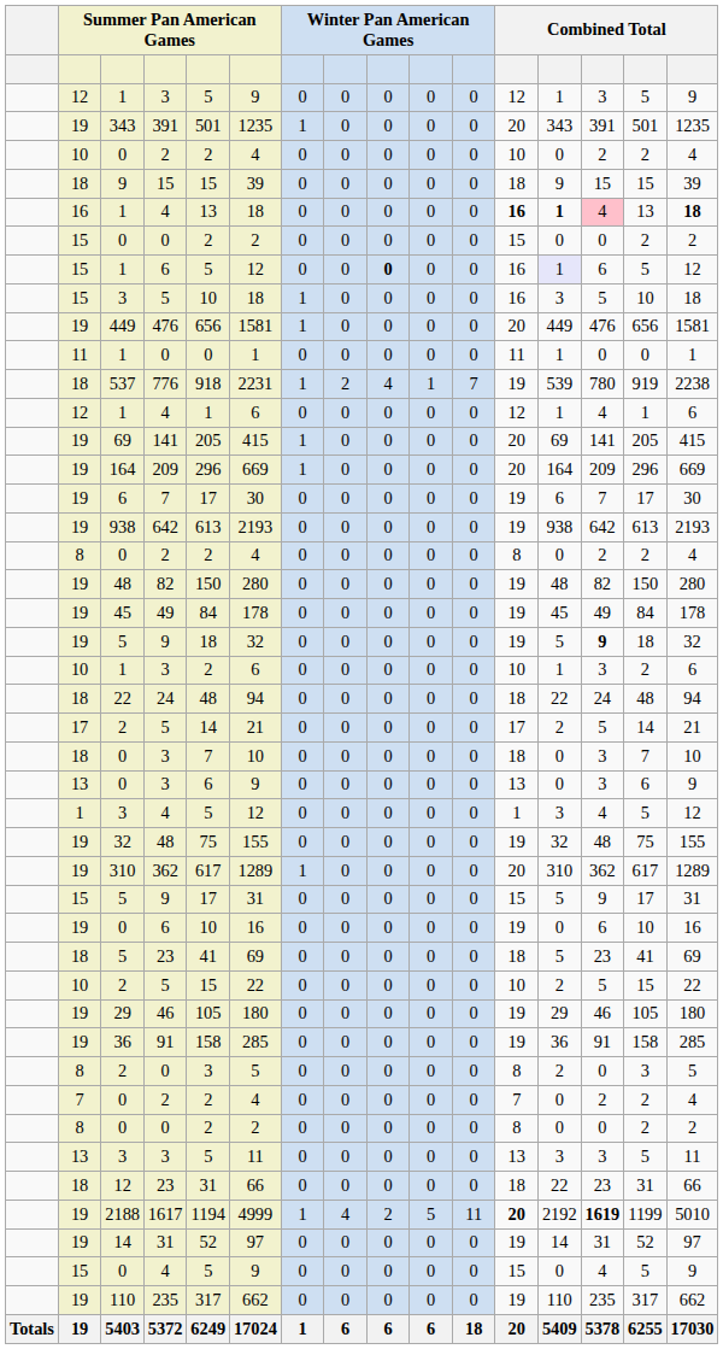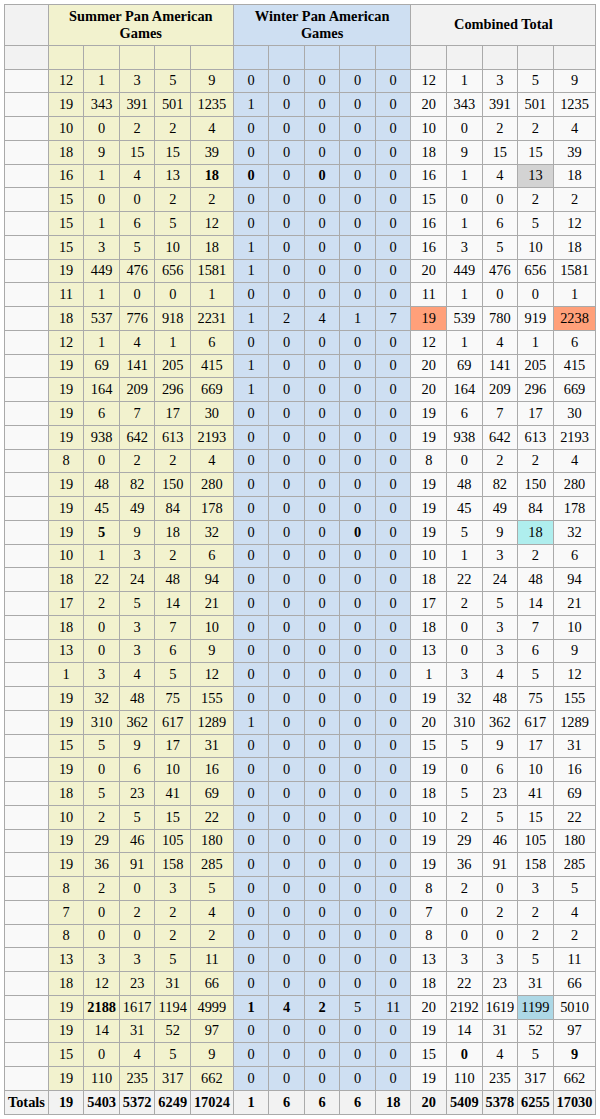 <table class="wikitable sortable" style="margin-top:0; text-align:center; font-size:90%;">
 <tr>
 <th></th>
 <th style="background-color:#f2f2ce;" colspan=5; align="center";>Summer Pan American Games</th>
 <th style="background-color:#cedff2;" colspan=5; align="center";>Winter Pan American Games</th>
 <th colspan=5; align="center";>Combined Total</th>
 </tr>
 <tr>
 <th></th>
 <th style="background-color:#f2f2ce; width:2em;"><br></th>
 <th style="background-color:#f2f2ce; width:2em;"><br></th>
 <th style="background-color:#f2f2ce; width:2em;"><br></th>
 <th style="background-color:#f2f2ce; width:2em;"><br></th>
 <th style="background-color:#f2f2ce; width:2em;"><br></th>
 <th style="background-color:#cedff2; width:2em;"><br></th>
 <th style="background-color:#cedff2; width:2em;"><br></th>
 <th style="background-color:#cedff2; width:2em;"><br></th>
 <th style="background-color:#cedff2; width:2em;"><br></th>
 <th style="background-color:#cedff2; width:2em;"><br></th>
 <th style="width:2em;"><br></th>
 <th style="width:2em;"><br></th>
 <th style="width:2em;"><br></th>
 <th style="width:2em;"><br></th>
 <th style="width:2em;"><br></th>
 </tr>
 <tr>
 <td align=left></td>
 <td bgcolor=#f2f2ce>12</td>
 <td bgcolor=#f2f2ce>1</td>
 <td bgcolor=#f2f2ce>3</td>
 <td bgcolor=#f2f2ce>5</td>
 <td bgcolor=#f2f2ce>9</td>
 <td bgcolor=#cedff2>0</td>
 <td bgcolor=#cedff2>0</td>
 <td bgcolor=#cedff2>0</td>
 <td bgcolor=#cedff2>0</td>
 <td bgcolor=#cedff2>0</td>
 <td>12</td>
 <td>1</td>
 <td>3</td>
 <td>5</td>
 <td>9</td>
 </tr>
 <tr>
 <td align=left></td>
 <td bgcolor=#f2f2ce>19</td>
 <td bgcolor=#f2f2ce>343</td>
 <td bgcolor=#f2f2ce>391</td>
 <td bgcolor=#f2f2ce>501</td>
 <td bgcolor=#f2f2ce>1235</td>
 <td bgcolor=#cedff2>1</td>
 <td bgcolor=#cedff2>0</td>
 <td bgcolor=#cedff2>0</td>
 <td bgcolor=#cedff2>0</td>
 <td bgcolor=#cedff2>0</td>
 <td>20</td>
 <td>343</td>
 <td>391</td>
 <td>501</td>
 <td>1235</td>
 </tr>
 <tr>
 <td align=left></td>
 <td bgcolor=#f2f2ce>10</td>
 <td bgcolor=#f2f2ce>0</td>
 <td bgcolor=#f2f2ce>2</td>
 <td bgcolor=#f2f2ce>2</td>
 <td bgcolor=#f2f2ce>4</td>
 <td bgcolor=#cedff2>0</td>
 <td bgcolor=#cedff2>0</td>
 <td bgcolor=#cedff2>0</td>
 <td bgcolor=#cedff2>0</td>
 <td bgcolor=#cedff2>0</td>
 <td>10</td>
 <td>0</td>
 <td>2</td>
 <td>2</td>
 <td>4</td>
 </tr>
 <tr>
 <td align=left></td>
 <td bgcolor=#f2f2ce>18</td>
 <td bgcolor=#f2f2ce>9</td>
 <td bgcolor=#f2f2ce>15</td>
 <td bgcolor=#f2f2ce>15</td>
 <td bgcolor=#f2f2ce>39</td>
 <td bgcolor=#cedff2>0</td>
 <td bgcolor=#cedff2>0</td>
 <td bgcolor=#cedff2>0</td>
 <td bgcolor=#cedff2>0</td>
 <td bgcolor=#cedff2>0</td>
 <td>18</td>
 <td>9</td>
 <td>15</td>
 <td>15</td>
 <td>39</td>
 </tr>
 <tr>
 <td align=left></td>
 <td bgcolor=#f2f2ce>16</td>
 <td bgcolor=#f2f2ce>1</td>
 <td bgcolor=#f2f2ce>4</td>
 <td bgcolor=#f2f2ce>13</td>
-<td bgcolor=#f2f2ce>18</td>
+<td bgcolor=#f2f2ce><strong>18</strong></td>
+<td bgcolor=#cedff2><strong>0</strong></td>
+<td bgcolor=#cedff2>0</td>
+<td bgcolor=#cedff2><strong>0</strong></td>
 <td bgcolor=#cedff2>0</td>
 <td bgcolor=#cedff2>0</td>
-<td bgcolor=#cedff2>0</td>
-<td bgcolor=#cedff2>0</td>
-<td bgcolor=#cedff2>0</td>
-<td><strong>16</strong></td>
-<td><strong>1</strong></td>
-<td style="background: pink;">4</td>
-<td>13</td>
-<td><strong>18</strong></td>
+<td>16</td>
+<td>1</td>
+<td>4</td>
+<td style="background: lightgrey;">13</td>
+<td>18</td>
 </tr>
 <tr>
 <td align=left></td>
 <td bgcolor=#f2f2ce>15</td>
 <td bgcolor=#f2f2ce>0</td>
 <td bgcolor=#f2f2ce>0</td>
 <td bgcolor=#f2f2ce>2</td>
 <td bgcolor=#f2f2ce>2</td>
 <td bgcolor=#cedff2>0</td>
 <td bgcolor=#cedff2>0</td>
 <td bgcolor=#cedff2>0</td>
 <td bgcolor=#cedff2>0</td>
 <td bgcolor=#cedff2>0</td>
 <td>15</td>
 <td>0</td>
 <td>0</td>
 <td>2</td>
 <td>2</td>
 </tr>
 <tr>
 <td align=left></td>
 <td bgcolor=#f2f2ce>15</td>
 <td bgcolor=#f2f2ce>1</td>
 <td bgcolor=#f2f2ce>6</td>
 <td bgcolor=#f2f2ce>5</td>
 <td bgcolor=#f2f2ce>12</td>
 <td bgcolor=#cedff2>0</td>
 <td bgcolor=#cedff2>0</td>
-<td bgcolor=#cedff2><strong>0</strong></td>
+<td bgcolor=#cedff2>0</td>
 <td bgcolor=#cedff2>0</td>
 <td bgcolor=#cedff2>0</td>
 <td>16</td>
-<td style="background: lavender;">1</td>
+<td>1</td>
 <td>6</td>
 <td>5</td>
 <td>12</td>
 </tr>
 <tr>
 <td align=left></td>
 <td bgcolor=#f2f2ce>15</td>
 <td bgcolor=#f2f2ce>3</td>
 <td bgcolor=#f2f2ce>5</td>
 <td bgcolor=#f2f2ce>10</td>
 <td bgcolor=#f2f2ce>18</td>
 <td bgcolor=#cedff2>1</td>
 <td bgcolor=#cedff2>0</td>
 <td bgcolor=#cedff2>0</td>
 <td bgcolor=#cedff2>0</td>
 <td bgcolor=#cedff2>0</td>
 <td>16</td>
 <td>3</td>
 <td>5</td>
 <td>10</td>
 <td>18</td>
 </tr>
 <tr>
 <td align=left></td>
 <td bgcolor=#f2f2ce>19</td>
 <td bgcolor=#f2f2ce>449</td>
 <td bgcolor=#f2f2ce>476</td>
 <td bgcolor=#f2f2ce>656</td>
 <td bgcolor=#f2f2ce>1581</td>
 <td bgcolor=#cedff2>1</td>
 <td bgcolor=#cedff2>0</td>
 <td bgcolor=#cedff2>0</td>
 <td bgcolor=#cedff2>0</td>
 <td bgcolor=#cedff2>0</td>
 <td>20</td>
 <td>449</td>
 <td>476</td>
 <td>656</td>
 <td>1581</td>
 </tr>
 <tr>
 <td align=left></td>
 <td bgcolor=#f2f2ce>11</td>
 <td bgcolor=#f2f2ce>1</td>
 <td bgcolor=#f2f2ce>0</td>
 <td bgcolor=#f2f2ce>0</td>
 <td bgcolor=#f2f2ce>1</td>
 <td bgcolor=#cedff2>0</td>
 <td bgcolor=#cedff2>0</td>
 <td bgcolor=#cedff2>0</td>
 <td bgcolor=#cedff2>0</td>
 <td bgcolor=#cedff2>0</td>
 <td>11</td>
 <td>1</td>
 <td>0</td>
 <td>0</td>
 <td>1</td>
 </tr>
 <tr>
 <td align=left></td>
 <td bgcolor=#f2f2ce>18</td>
 <td bgcolor=#f2f2ce>537</td>
 <td bgcolor=#f2f2ce>776</td>
 <td bgcolor=#f2f2ce>918</td>
 <td bgcolor=#f2f2ce>2231</td>
 <td bgcolor=#cedff2>1</td>
 <td bgcolor=#cedff2>2</td>
 <td bgcolor=#cedff2>4</td>
 <td bgcolor=#cedff2>1</td>
 <td bgcolor=#cedff2>7</td>
-<td>19</td>
+<td style="background: lightsalmon;">19</td>
 <td>539</td>
 <td>780</td>
 <td>919</td>
-<td>2238</td>
+<td style="background: lightsalmon;">2238</td>
 </tr>
 <tr>
 <td align=left></td>
 <td bgcolor=#f2f2ce>12</td>
 <td bgcolor=#f2f2ce>1</td>
 <td bgcolor=#f2f2ce>4</td>
 <td bgcolor=#f2f2ce>1</td>
 <td bgcolor=#f2f2ce>6</td>
 <td bgcolor=#cedff2>0</td>
 <td bgcolor=#cedff2>0</td>
 <td bgcolor=#cedff2>0</td>
 <td bgcolor=#cedff2>0</td>
 <td bgcolor=#cedff2>0</td>
 <td>12</td>
 <td>1</td>
 <td>4</td>
 <td>1</td>
 <td>6</td>
 </tr>
 <tr>
 <td align=left></td>
 <td bgcolor=#f2f2ce>19</td>
 <td bgcolor=#f2f2ce>69</td>
 <td bgcolor=#f2f2ce>141</td>
 <td bgcolor=#f2f2ce>205</td>
 <td bgcolor=#f2f2ce>415</td>
 <td bgcolor=#cedff2>1</td>
 <td bgcolor=#cedff2>0</td>
 <td bgcolor=#cedff2>0</td>
 <td bgcolor=#cedff2>0</td>
 <td bgcolor=#cedff2>0</td>
 <td>20</td>
 <td>69</td>
 <td>141</td>
 <td>205</td>
 <td>415</td>
 </tr>
 <tr>
 <td align=left></td>
 <td bgcolor=#f2f2ce>19</td>
 <td bgcolor=#f2f2ce>164</td>
 <td bgcolor=#f2f2ce>209</td>
 <td bgcolor=#f2f2ce>296</td>
 <td bgcolor=#f2f2ce>669</td>
 <td bgcolor=#cedff2>1</td>
 <td bgcolor=#cedff2>0</td>
 <td bgcolor=#cedff2>0</td>
 <td bgcolor=#cedff2>0</td>
 <td bgcolor=#cedff2>0</td>
 <td>20</td>
 <td>164</td>
 <td>209</td>
 <td>296</td>
 <td>669</td>
 </tr>
 <tr>
 <td align=left></td>
 <td bgcolor=#f2f2ce>19</td>
 <td bgcolor=#f2f2ce>6</td>
 <td bgcolor=#f2f2ce>7</td>
 <td bgcolor=#f2f2ce>17</td>
 <td bgcolor=#f2f2ce>30</td>
 <td bgcolor=#cedff2>0</td>
 <td bgcolor=#cedff2>0</td>
 <td bgcolor=#cedff2>0</td>
 <td bgcolor=#cedff2>0</td>
 <td bgcolor=#cedff2>0</td>
 <td>19</td>
 <td>6</td>
 <td>7</td>
 <td>17</td>
 <td>30</td>
 </tr>
 <tr>
 <td align=left></td>
 <td bgcolor=#f2f2ce>19</td>
 <td bgcolor=#f2f2ce>938</td>
 <td bgcolor=#f2f2ce>642</td>
 <td bgcolor=#f2f2ce>613</td>
 <td bgcolor=#f2f2ce>2193</td>
 <td bgcolor=#cedff2>0</td>
 <td bgcolor=#cedff2>0</td>
 <td bgcolor=#cedff2>0</td>
 <td bgcolor=#cedff2>0</td>
 <td bgcolor=#cedff2>0</td>
 <td>19</td>
 <td>938</td>
 <td>642</td>
 <td>613</td>
 <td>2193</td>
 </tr>
 <tr>
 <td align=left></td>
 <td bgcolor=#f2f2ce>8</td>
 <td bgcolor=#f2f2ce>0</td>
 <td bgcolor=#f2f2ce>2</td>
 <td bgcolor=#f2f2ce>2</td>
 <td bgcolor=#f2f2ce>4</td>
 <td bgcolor=#cedff2>0</td>
 <td bgcolor=#cedff2>0</td>
 <td bgcolor=#cedff2>0</td>
 <td bgcolor=#cedff2>0</td>
 <td bgcolor=#cedff2>0</td>
 <td>8</td>
 <td>0</td>
 <td>2</td>
 <td>2</td>
 <td>4</td>
 </tr>
 <tr>
 <td align=left></td>
 <td bgcolor=#f2f2ce>19</td>
 <td bgcolor=#f2f2ce>48</td>
 <td bgcolor=#f2f2ce>82</td>
 <td bgcolor=#f2f2ce>150</td>
 <td bgcolor=#f2f2ce>280</td>
 <td bgcolor=#cedff2>0</td>
 <td bgcolor=#cedff2>0</td>
 <td bgcolor=#cedff2>0</td>
 <td bgcolor=#cedff2>0</td>
 <td bgcolor=#cedff2>0</td>
 <td>19</td>
 <td>48</td>
 <td>82</td>
 <td>150</td>
 <td>280</td>
 </tr>
 <tr>
 <td align=left></td>
 <td bgcolor=#f2f2ce>19</td>
 <td bgcolor=#f2f2ce>45</td>
 <td bgcolor=#f2f2ce>49</td>
 <td bgcolor=#f2f2ce>84</td>
 <td bgcolor=#f2f2ce>178</td>
 <td bgcolor=#cedff2>0</td>
 <td bgcolor=#cedff2>0</td>
 <td bgcolor=#cedff2>0</td>
 <td bgcolor=#cedff2>0</td>
 <td bgcolor=#cedff2>0</td>
 <td>19</td>
 <td>45</td>
 <td>49</td>
 <td>84</td>
 <td>178</td>
 </tr>
 <tr>
 <td align=left></td>
 <td bgcolor=#f2f2ce>19</td>
-<td bgcolor=#f2f2ce>5</td>
+<td bgcolor=#f2f2ce><strong>5</strong></td>
 <td bgcolor=#f2f2ce>9</td>
 <td bgcolor=#f2f2ce>18</td>
 <td bgcolor=#f2f2ce>32</td>
 <td bgcolor=#cedff2>0</td>
 <td bgcolor=#cedff2>0</td>
 <td bgcolor=#cedff2>0</td>
-<td bgcolor=#cedff2>0</td>
+<td bgcolor=#cedff2><strong>0</strong></td>
 <td bgcolor=#cedff2>0</td>
 <td>19</td>
 <td>5</td>
-<td><strong>9</strong></td>
-<td>18</td>
+<td>9</td>
+<td style="background: paleturquoise;">18</td>
 <td>32</td>
 </tr>
 <tr>
 <td align=left></td>
 <td bgcolor=#f2f2ce>10</td>
 <td bgcolor=#f2f2ce>1</td>
 <td bgcolor=#f2f2ce>3</td>
 <td bgcolor=#f2f2ce>2</td>
 <td bgcolor=#f2f2ce>6</td>
 <td bgcolor=#cedff2>0</td>
 <td bgcolor=#cedff2>0</td>
 <td bgcolor=#cedff2>0</td>
 <td bgcolor=#cedff2>0</td>
 <td bgcolor=#cedff2>0</td>
 <td>10</td>
 <td>1</td>
 <td>3</td>
 <td>2</td>
 <td>6</td>
 </tr>
 <tr>
 <td align=left></td>
 <td bgcolor=#f2f2ce>18</td>
 <td bgcolor=#f2f2ce>22</td>
 <td bgcolor=#f2f2ce>24</td>
 <td bgcolor=#f2f2ce>48</td>
 <td bgcolor=#f2f2ce>94</td>
 <td bgcolor=#cedff2>0</td>
 <td bgcolor=#cedff2>0</td>
 <td bgcolor=#cedff2>0</td>
 <td bgcolor=#cedff2>0</td>
 <td bgcolor=#cedff2>0</td>
 <td>18</td>
 <td>22</td>
 <td>24</td>
 <td>48</td>
 <td>94</td>
 </tr>
 <tr>
 <td align=left></td>
 <td bgcolor=#f2f2ce>17</td>
 <td bgcolor=#f2f2ce>2</td>
 <td bgcolor=#f2f2ce>5</td>
 <td bgcolor=#f2f2ce>14</td>
 <td bgcolor=#f2f2ce>21</td>
 <td bgcolor=#cedff2>0</td>
 <td bgcolor=#cedff2>0</td>
 <td bgcolor=#cedff2>0</td>
 <td bgcolor=#cedff2>0</td>
 <td bgcolor=#cedff2>0</td>
 <td>17</td>
 <td>2</td>
 <td>5</td>
 <td>14</td>
 <td>21</td>
 </tr>
 <tr>
 <td align=left></td>
 <td bgcolor=#f2f2ce>18</td>
 <td bgcolor=#f2f2ce>0</td>
 <td bgcolor=#f2f2ce>3</td>
 <td bgcolor=#f2f2ce>7</td>
 <td bgcolor=#f2f2ce>10</td>
 <td bgcolor=#cedff2>0</td>
 <td bgcolor=#cedff2>0</td>
 <td bgcolor=#cedff2>0</td>
 <td bgcolor=#cedff2>0</td>
 <td bgcolor=#cedff2>0</td>
 <td>18</td>
 <td>0</td>
 <td>3</td>
 <td>7</td>
 <td>10</td>
 </tr>
 <tr>
 <td align=left></td>
 <td bgcolor=#f2f2ce>13</td>
 <td bgcolor=#f2f2ce>0</td>
 <td bgcolor=#f2f2ce>3</td>
 <td bgcolor=#f2f2ce>6</td>
 <td bgcolor=#f2f2ce>9</td>
 <td bgcolor=#cedff2>0</td>
 <td bgcolor=#cedff2>0</td>
 <td bgcolor=#cedff2>0</td>
 <td bgcolor=#cedff2>0</td>
 <td bgcolor=#cedff2>0</td>
 <td>13</td>
 <td>0</td>
 <td>3</td>
 <td>6</td>
 <td>9</td>
 </tr>
 <tr>
 <td align=left><em></em></td>
 <td bgcolor=#f2f2ce>1</td>
 <td bgcolor=#f2f2ce>3</td>
 <td bgcolor=#f2f2ce>4</td>
 <td bgcolor=#f2f2ce>5</td>
 <td bgcolor=#f2f2ce>12</td>
 <td bgcolor=#cedff2>0</td>
 <td bgcolor=#cedff2>0</td>
 <td bgcolor=#cedff2>0</td>
 <td bgcolor=#cedff2>0</td>
 <td bgcolor=#cedff2>0</td>
 <td>1</td>
 <td>3</td>
 <td>4</td>
 <td>5</td>
 <td>12</td>
 </tr>
 <tr>
 <td align=left></td>
 <td bgcolor=#f2f2ce>19</td>
 <td bgcolor=#f2f2ce>32</td>
 <td bgcolor=#f2f2ce>48</td>
 <td bgcolor=#f2f2ce>75</td>
 <td bgcolor=#f2f2ce>155</td>
 <td bgcolor=#cedff2>0</td>
 <td bgcolor=#cedff2>0</td>
 <td bgcolor=#cedff2>0</td>
 <td bgcolor=#cedff2>0</td>
 <td bgcolor=#cedff2>0</td>
 <td>19</td>
 <td>32</td>
 <td>48</td>
 <td>75</td>
 <td>155</td>
 </tr>
 <tr>
 <td align=left></td>
 <td bgcolor=#f2f2ce>19</td>
 <td bgcolor=#f2f2ce>310</td>
 <td bgcolor=#f2f2ce>362</td>
 <td bgcolor=#f2f2ce>617</td>
 <td bgcolor=#f2f2ce>1289</td>
 <td bgcolor=#cedff2>1</td>
 <td bgcolor=#cedff2>0</td>
 <td bgcolor=#cedff2>0</td>
 <td bgcolor=#cedff2>0</td>
 <td bgcolor=#cedff2>0</td>
 <td>20</td>
 <td>310</td>
 <td>362</td>
 <td>617</td>
 <td>1289</td>
 </tr>
 <tr>
 <td align=left><em></em></td>
 <td bgcolor=#f2f2ce>15</td>
 <td bgcolor=#f2f2ce>5</td>
 <td bgcolor=#f2f2ce>9</td>
 <td bgcolor=#f2f2ce>17</td>
 <td bgcolor=#f2f2ce>31</td>
 <td bgcolor=#cedff2>0</td>
 <td bgcolor=#cedff2>0</td>
 <td bgcolor=#cedff2>0</td>
 <td bgcolor=#cedff2>0</td>
 <td bgcolor=#cedff2>0</td>
 <td>15</td>
 <td>5</td>
 <td>9</td>
 <td>17</td>
 <td>31</td>
 </tr>
 <tr>
 <td align=left></td>
 <td bgcolor=#f2f2ce>19</td>
 <td bgcolor=#f2f2ce>0</td>
 <td bgcolor=#f2f2ce>6</td>
 <td bgcolor=#f2f2ce>10</td>
 <td bgcolor=#f2f2ce>16</td>
 <td bgcolor=#cedff2>0</td>
 <td bgcolor=#cedff2>0</td>
 <td bgcolor=#cedff2>0</td>
 <td bgcolor=#cedff2>0</td>
 <td bgcolor=#cedff2>0</td>
 <td>19</td>
 <td>0</td>
 <td>6</td>
 <td>10</td>
 <td>16</td>
 </tr>
 <tr>
 <td align=left></td>
 <td bgcolor=#f2f2ce>18</td>
 <td bgcolor=#f2f2ce>5</td>
 <td bgcolor=#f2f2ce>23</td>
 <td bgcolor=#f2f2ce>41</td>
 <td bgcolor=#f2f2ce>69</td>
 <td bgcolor=#cedff2>0</td>
 <td bgcolor=#cedff2>0</td>
 <td bgcolor=#cedff2>0</td>
 <td bgcolor=#cedff2>0</td>
 <td bgcolor=#cedff2>0</td>
 <td>18</td>
 <td>5</td>
 <td>23</td>
 <td>41</td>
 <td>69</td>
 </tr>
 <tr>
 <td align=left></td>
 <td bgcolor=#f2f2ce>10</td>
 <td bgcolor=#f2f2ce>2</td>
 <td bgcolor=#f2f2ce>5</td>
 <td bgcolor=#f2f2ce>15</td>
 <td bgcolor=#f2f2ce>22</td>
 <td bgcolor=#cedff2>0</td>
 <td bgcolor=#cedff2>0</td>
 <td bgcolor=#cedff2>0</td>
 <td bgcolor=#cedff2>0</td>
 <td bgcolor=#cedff2>0</td>
 <td>10</td>
 <td>2</td>
 <td>5</td>
 <td>15</td>
 <td>22</td>
 </tr>
 <tr>
 <td align=left></td>
 <td bgcolor=#f2f2ce>19</td>
 <td bgcolor=#f2f2ce>29</td>
 <td bgcolor=#f2f2ce>46</td>
 <td bgcolor=#f2f2ce>105</td>
 <td bgcolor=#f2f2ce>180</td>
 <td bgcolor=#cedff2>0</td>
 <td bgcolor=#cedff2>0</td>
 <td bgcolor=#cedff2>0</td>
 <td bgcolor=#cedff2>0</td>
 <td bgcolor=#cedff2>0</td>
 <td>19</td>
 <td>29</td>
 <td>46</td>
 <td>105</td>
 <td>180</td>
 </tr>
 <tr>
 <td align=left></td>
 <td bgcolor=#f2f2ce>19</td>
 <td bgcolor=#f2f2ce>36</td>
 <td bgcolor=#f2f2ce>91</td>
 <td bgcolor=#f2f2ce>158</td>
 <td bgcolor=#f2f2ce>285</td>
 <td bgcolor=#cedff2>0</td>
 <td bgcolor=#cedff2>0</td>
 <td bgcolor=#cedff2>0</td>
 <td bgcolor=#cedff2>0</td>
 <td bgcolor=#cedff2>0</td>
 <td>19</td>
 <td>36</td>
 <td>91</td>
 <td>158</td>
 <td>285</td>
 </tr>
 <tr>
 <td align=left></td>
 <td bgcolor=#f2f2ce>8</td>
 <td bgcolor=#f2f2ce>2</td>
 <td bgcolor=#f2f2ce>0</td>
 <td bgcolor=#f2f2ce>3</td>
 <td bgcolor=#f2f2ce>5</td>
 <td bgcolor=#cedff2>0</td>
 <td bgcolor=#cedff2>0</td>
 <td bgcolor=#cedff2>0</td>
 <td bgcolor=#cedff2>0</td>
 <td bgcolor=#cedff2>0</td>
 <td>8</td>
 <td>2</td>
 <td>0</td>
 <td>3</td>
 <td>5</td>
 </tr>
 <tr>
 <td align=left></td>
 <td bgcolor=#f2f2ce>7</td>
 <td bgcolor=#f2f2ce>0</td>
 <td bgcolor=#f2f2ce>2</td>
 <td bgcolor=#f2f2ce>2</td>
 <td bgcolor=#f2f2ce>4</td>
 <td bgcolor=#cedff2>0</td>
 <td bgcolor=#cedff2>0</td>
 <td bgcolor=#cedff2>0</td>
 <td bgcolor=#cedff2>0</td>
 <td bgcolor=#cedff2>0</td>
 <td>7</td>
 <td>0</td>
 <td>2</td>
 <td>2</td>
 <td>4</td>
 </tr>
 <tr>
 <td align=left></td>
 <td bgcolor=#f2f2ce>8</td>
 <td bgcolor=#f2f2ce>0</td>
 <td bgcolor=#f2f2ce>0</td>
 <td bgcolor=#f2f2ce>2</td>
 <td bgcolor=#f2f2ce>2</td>
 <td bgcolor=#cedff2>0</td>
 <td bgcolor=#cedff2>0</td>
 <td bgcolor=#cedff2>0</td>
 <td bgcolor=#cedff2>0</td>
 <td bgcolor=#cedff2>0</td>
 <td>8</td>
 <td>0</td>
 <td>0</td>
 <td>2</td>
 <td>2</td>
 </tr>
 <tr>
 <td align=left></td>
 <td bgcolor=#f2f2ce>13</td>
 <td bgcolor=#f2f2ce>3</td>
 <td bgcolor=#f2f2ce>3</td>
 <td bgcolor=#f2f2ce>5</td>
 <td bgcolor=#f2f2ce>11</td>
 <td bgcolor=#cedff2>0</td>
 <td bgcolor=#cedff2>0</td>
 <td bgcolor=#cedff2>0</td>
 <td bgcolor=#cedff2>0</td>
 <td bgcolor=#cedff2>0</td>
 <td>13</td>
 <td>3</td>
 <td>3</td>
 <td>5</td>
 <td>11</td>
 </tr>
 <tr>
 <td align=left></td>
 <td bgcolor=#f2f2ce>18</td>
 <td bgcolor=#f2f2ce>12</td>
 <td bgcolor=#f2f2ce>23</td>
 <td bgcolor=#f2f2ce>31</td>
 <td bgcolor=#f2f2ce>66</td>
 <td bgcolor=#cedff2>0</td>
 <td bgcolor=#cedff2>0</td>
 <td bgcolor=#cedff2>0</td>
 <td bgcolor=#cedff2>0</td>
 <td bgcolor=#cedff2>0</td>
 <td>18</td>
 <td>22</td>
 <td>23</td>
 <td>31</td>
 <td>66</td>
 </tr>
 <tr>
 <td align=left></td>
 <td bgcolor=#f2f2ce>19</td>
-<td bgcolor=#f2f2ce>2188</td>
+<td bgcolor=#f2f2ce><strong>2188</strong></td>
 <td bgcolor=#f2f2ce>1617</td>
 <td bgcolor=#f2f2ce>1194</td>
 <td bgcolor=#f2f2ce>4999</td>
-<td bgcolor=#cedff2>1</td>
-<td bgcolor=#cedff2>4</td>
-<td bgcolor=#cedff2>2</td>
+<td bgcolor=#cedff2><strong>1</strong></td>
+<td bgcolor=#cedff2><strong>4</strong></td>
+<td bgcolor=#cedff2><strong>2</strong></td>
 <td bgcolor=#cedff2>5</td>
 <td bgcolor=#cedff2>11</td>
-<td><strong>20</strong></td>
+<td>20</td>
 <td>2192</td>
-<td><strong>1619</strong></td>
-<td>1199</td>
+<td>1619</td>
+<td style="background: lightblue;">1199</td>
 <td>5010</td>
 </tr>
 <tr>
 <td align=left></td>
 <td bgcolor=#f2f2ce>19</td>
 <td bgcolor=#f2f2ce>14</td>
 <td bgcolor=#f2f2ce>31</td>
 <td bgcolor=#f2f2ce>52</td>
 <td bgcolor=#f2f2ce>97</td>
 <td bgcolor=#cedff2>0</td>
 <td bgcolor=#cedff2>0</td>
 <td bgcolor=#cedff2>0</td>
 <td bgcolor=#cedff2>0</td>
 <td bgcolor=#cedff2>0</td>
 <td>19</td>
 <td>14</td>
 <td>31</td>
 <td>52</td>
 <td>97</td>
 </tr>
 <tr>
 <td align=left></td>
 <td bgcolor=#f2f2ce>15</td>
 <td bgcolor=#f2f2ce>0</td>
 <td bgcolor=#f2f2ce>4</td>
 <td bgcolor=#f2f2ce>5</td>
 <td bgcolor=#f2f2ce>9</td>
 <td bgcolor=#cedff2>0</td>
 <td bgcolor=#cedff2>0</td>
 <td bgcolor=#cedff2>0</td>
 <td bgcolor=#cedff2>0</td>
 <td bgcolor=#cedff2>0</td>
 <td>15</td>
-<td>0</td>
+<td><strong>0</strong></td>
 <td>4</td>
 <td>5</td>
-<td>9</td>
+<td><strong>9</strong></td>
 </tr>
 <tr>
 <td align=left></td>
 <td bgcolor=#f2f2ce>19</td>
 <td bgcolor=#f2f2ce>110</td>
 <td bgcolor=#f2f2ce>235</td>
 <td bgcolor=#f2f2ce>317</td>
 <td bgcolor=#f2f2ce>662</td>
 <td bgcolor=#cedff2>0</td>
 <td bgcolor=#cedff2>0</td>
 <td bgcolor=#cedff2>0</td>
 <td bgcolor=#cedff2>0</td>
 <td bgcolor=#cedff2>0</td>
 <td>19</td>
 <td>110</td>
 <td>235</td>
 <td>317</td>
 <td>662</td>
 </tr>
 <tr class="sortbottom">
 <th>Totals</th>
 <th>19</th>
 <th>5403</th>
 <th>5372</th>
 <th>6249</th>
 <th>17024</th>
 <th>1</th>
 <th>6</th>
 <th>6</th>
 <th>6</th>
 <th>18</th>
 <th>20</th>
 <th>5409</th>
 <th>5378</th>
 <th>6255</th>
 <th>17030</th>
 </tr>
 </table>
